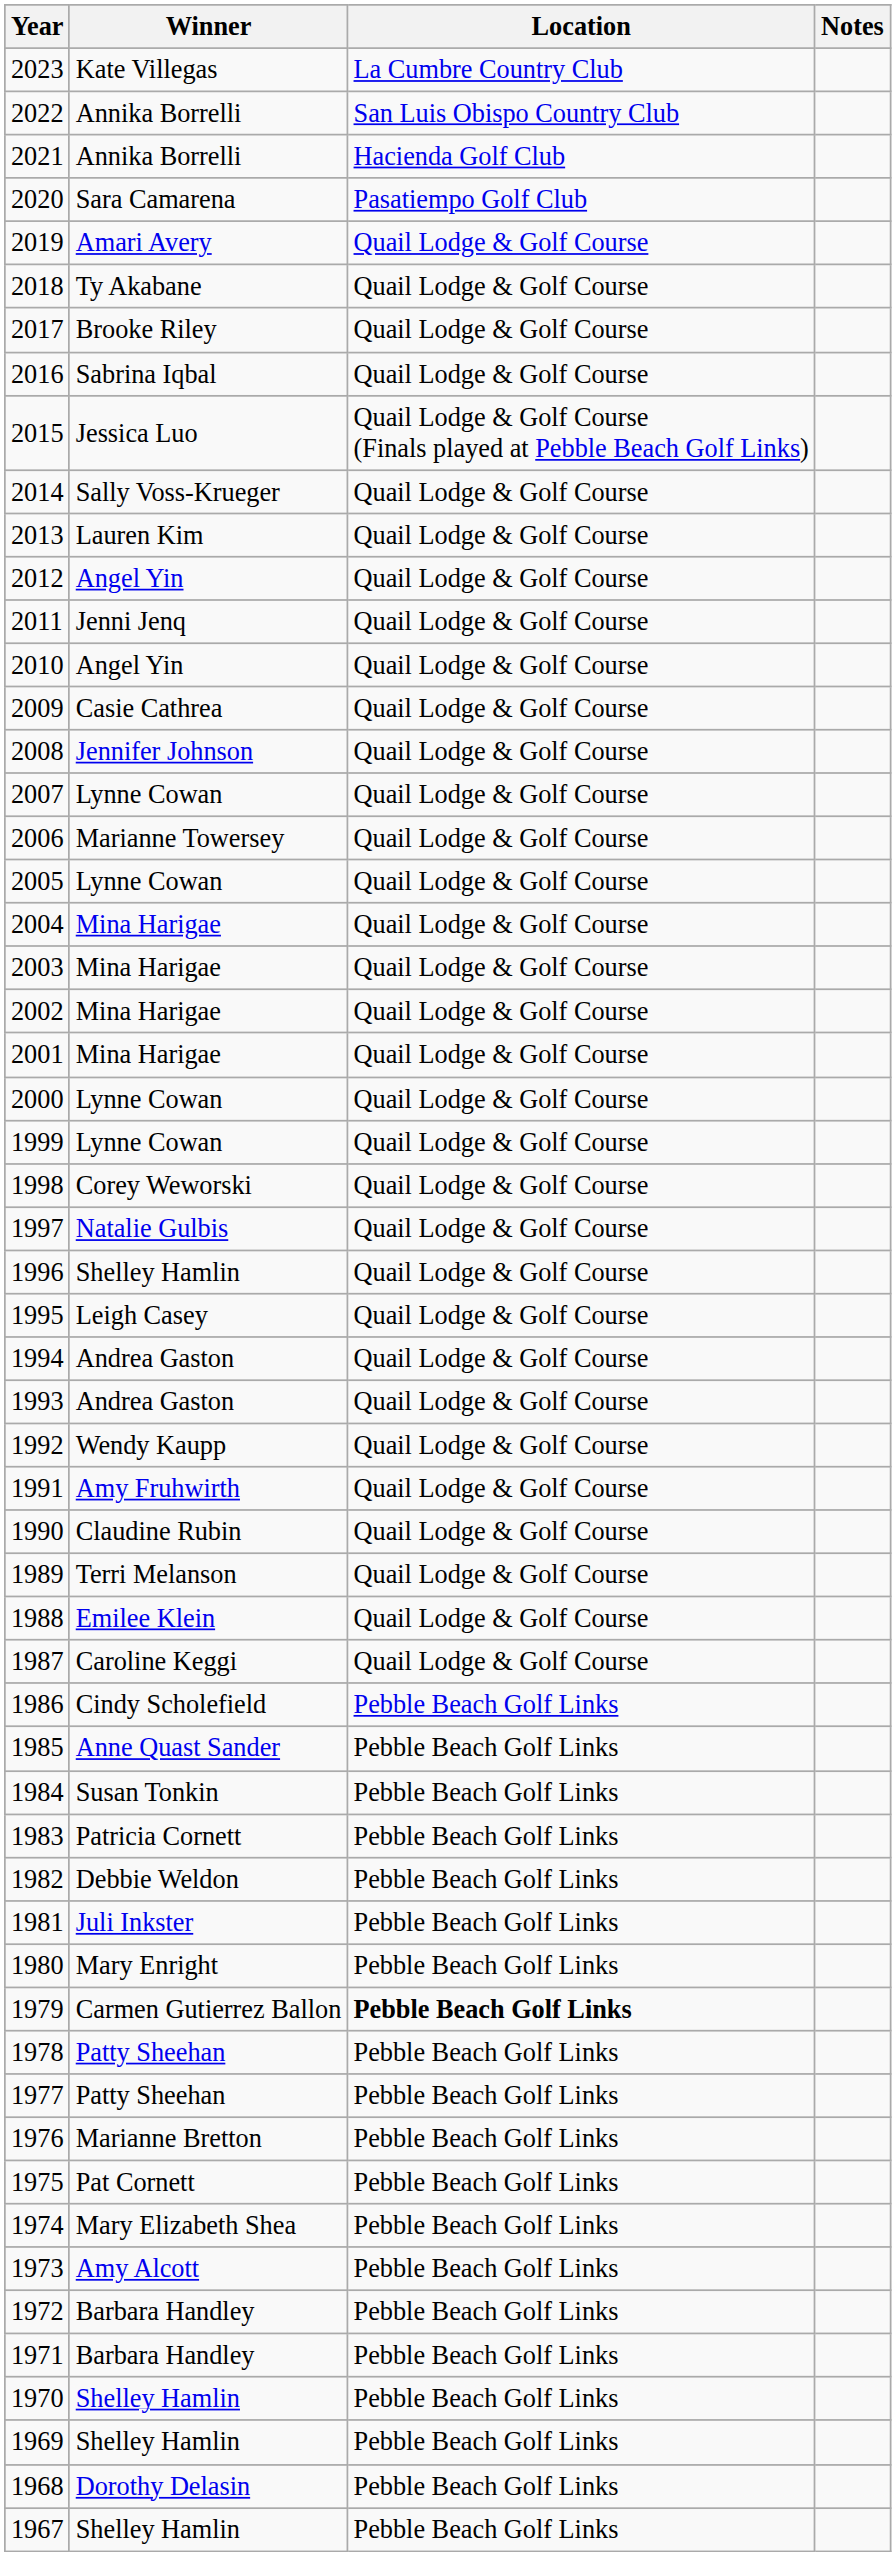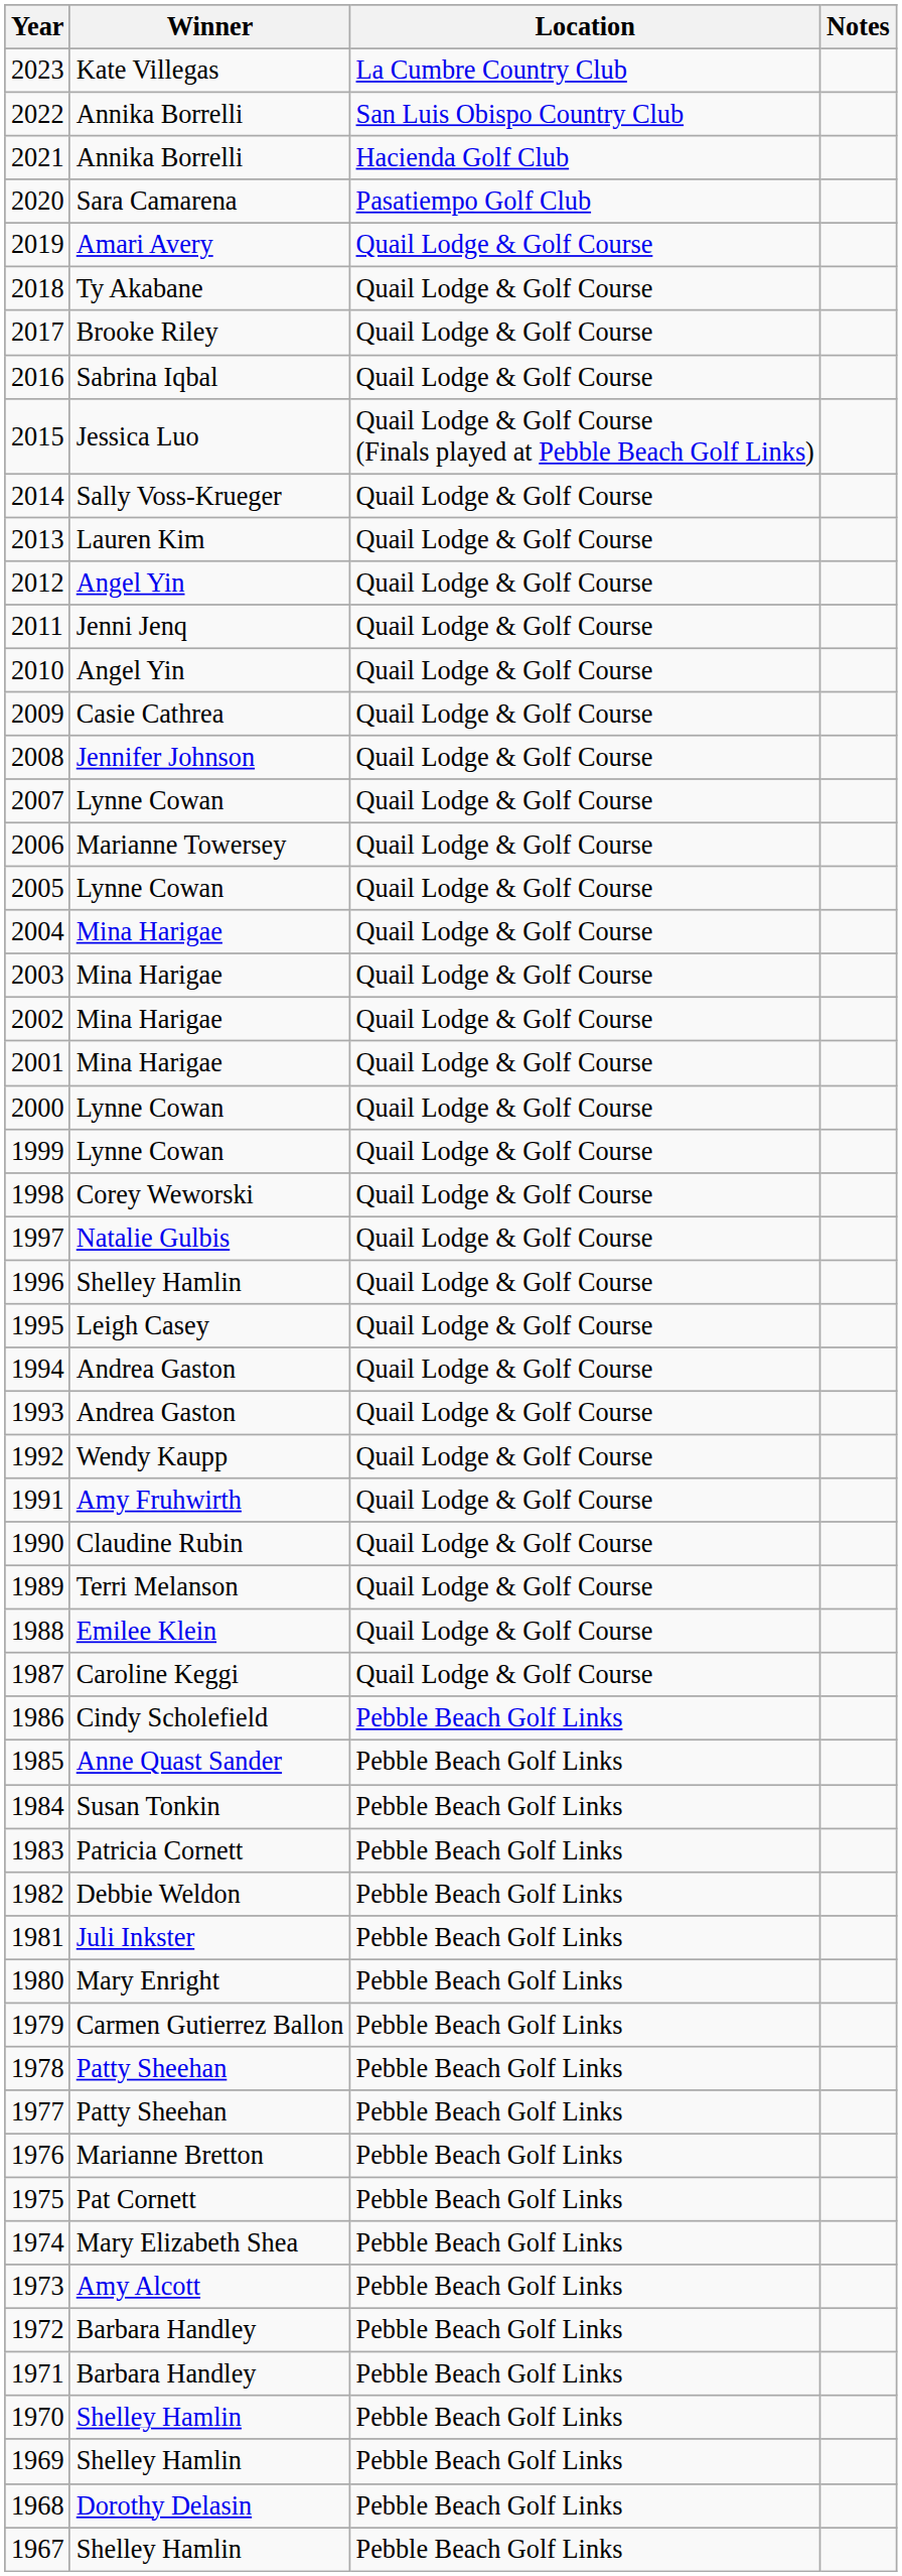 <table class=wikitable style="font-size: 95%;">
 <tr>
 <th>Year</th>
 <th>Winner</th>
 <th>Location</th>
 <th>Notes</th>
 </tr>
 <tr>
 <td>2023</td>
 <td>Kate Villegas</td>
 <td><a href='#'>La Cumbre Country Club</a></td>
 <td></td>
 </tr>
 <tr>
 <td>2022</td>
 <td>Annika Borrelli</td>
 <td><a href='#'>San Luis Obispo Country Club</a></td>
 <td></td>
 </tr>
 <tr>
 <td>2021</td>
 <td>Annika Borrelli</td>
 <td><a href='#'>Hacienda Golf Club</a></td>
 <td></td>
 </tr>
 <tr>
 <td>2020</td>
 <td>Sara Camarena</td>
 <td><a href='#'>Pasatiempo Golf Club</a></td>
 <td></td>
 </tr>
 <tr>
 <td>2019</td>
 <td><a href='#'>Amari Avery</a></td>
 <td><a href='#'>Quail Lodge & Golf Course</a></td>
 <td></td>
 </tr>
 <tr>
 <td>2018</td>
 <td>Ty Akabane</td>
 <td>Quail Lodge & Golf Course</td>
 <td></td>
 </tr>
 <tr>
 <td>2017</td>
 <td>Brooke Riley</td>
 <td>Quail Lodge & Golf Course</td>
 <td></td>
 </tr>
 <tr>
 <td>2016</td>
 <td>Sabrina Iqbal</td>
 <td>Quail Lodge & Golf Course</td>
 <td></td>
 </tr>
 <tr>
 <td>2015</td>
 <td>Jessica Luo</td>
 <td>Quail Lodge & Golf Course<br>(Finals played at <a href='#'>Pebble Beach Golf Links</a>)</td>
 <td></td>
 </tr>
 <tr>
 <td>2014</td>
 <td>Sally Voss-Krueger</td>
 <td>Quail Lodge & Golf Course</td>
 <td></td>
 </tr>
 <tr>
 <td>2013</td>
 <td>Lauren Kim</td>
 <td>Quail Lodge & Golf Course</td>
 <td></td>
 </tr>
 <tr>
 <td>2012</td>
 <td><a href='#'>Angel Yin</a></td>
 <td>Quail Lodge & Golf Course</td>
 <td></td>
 </tr>
 <tr>
 <td>2011</td>
 <td>Jenni Jenq</td>
 <td>Quail Lodge & Golf Course</td>
 <td></td>
 </tr>
 <tr>
 <td>2010</td>
 <td>Angel Yin</td>
 <td>Quail Lodge & Golf Course</td>
 <td></td>
 </tr>
 <tr>
 <td>2009</td>
 <td>Casie Cathrea</td>
 <td>Quail Lodge & Golf Course</td>
 <td></td>
 </tr>
 <tr>
 <td>2008</td>
 <td><a href='#'>Jennifer Johnson</a></td>
 <td>Quail Lodge & Golf Course</td>
 <td></td>
 </tr>
 <tr>
 <td>2007</td>
 <td>Lynne Cowan</td>
 <td>Quail Lodge & Golf Course</td>
 <td></td>
 </tr>
 <tr>
 <td>2006</td>
 <td>Marianne Towersey</td>
 <td>Quail Lodge & Golf Course</td>
 <td></td>
 </tr>
 <tr>
 <td>2005</td>
 <td>Lynne Cowan</td>
 <td>Quail Lodge & Golf Course</td>
 <td></td>
 </tr>
 <tr>
 <td>2004</td>
 <td><a href='#'>Mina Harigae</a></td>
 <td>Quail Lodge & Golf Course</td>
 <td></td>
 </tr>
 <tr>
 <td>2003</td>
 <td>Mina Harigae</td>
 <td>Quail Lodge & Golf Course</td>
 <td></td>
 </tr>
 <tr>
 <td>2002</td>
 <td>Mina Harigae</td>
 <td>Quail Lodge & Golf Course</td>
 <td></td>
 </tr>
 <tr>
 <td>2001</td>
 <td>Mina Harigae</td>
 <td>Quail Lodge & Golf Course</td>
 <td></td>
 </tr>
 <tr>
 <td>2000</td>
 <td>Lynne Cowan</td>
 <td>Quail Lodge & Golf Course</td>
 <td></td>
 </tr>
 <tr>
 <td>1999</td>
 <td>Lynne Cowan</td>
 <td>Quail Lodge & Golf Course</td>
 <td></td>
 </tr>
 <tr>
 <td>1998</td>
 <td>Corey Weworski</td>
 <td>Quail Lodge & Golf Course</td>
 <td></td>
 </tr>
 <tr>
 <td>1997</td>
 <td><a href='#'>Natalie Gulbis</a></td>
 <td>Quail Lodge & Golf Course</td>
 <td></td>
 </tr>
 <tr>
 <td>1996</td>
 <td>Shelley Hamlin</td>
 <td>Quail Lodge & Golf Course</td>
 <td></td>
 </tr>
 <tr>
 <td>1995</td>
 <td>Leigh Casey</td>
 <td>Quail Lodge & Golf Course</td>
 <td></td>
 </tr>
 <tr>
 <td>1994</td>
 <td>Andrea Gaston</td>
 <td>Quail Lodge & Golf Course</td>
 <td></td>
 </tr>
 <tr>
 <td>1993</td>
 <td>Andrea Gaston</td>
 <td>Quail Lodge & Golf Course</td>
 <td></td>
 </tr>
 <tr>
 <td>1992</td>
 <td>Wendy Kaupp</td>
 <td>Quail Lodge & Golf Course</td>
 <td></td>
 </tr>
 <tr>
 <td>1991</td>
 <td><a href='#'>Amy Fruhwirth</a></td>
 <td>Quail Lodge & Golf Course</td>
 <td></td>
 </tr>
 <tr>
 <td>1990</td>
 <td>Claudine Rubin</td>
 <td>Quail Lodge & Golf Course</td>
 <td></td>
 </tr>
 <tr>
 <td>1989</td>
 <td>Terri Melanson</td>
 <td>Quail Lodge & Golf Course</td>
 <td></td>
 </tr>
 <tr>
 <td>1988</td>
 <td><a href='#'>Emilee Klein</a></td>
 <td>Quail Lodge & Golf Course</td>
 <td></td>
 </tr>
 <tr>
 <td>1987</td>
 <td>Caroline Keggi</td>
 <td>Quail Lodge & Golf Course</td>
 <td></td>
 </tr>
 <tr>
 <td>1986</td>
 <td>Cindy Scholefield</td>
 <td><a href='#'>Pebble Beach Golf Links</a></td>
 <td></td>
 </tr>
 <tr>
 <td>1985</td>
 <td><a href='#'>Anne Quast Sander</a></td>
 <td>Pebble Beach Golf Links</td>
 <td></td>
 </tr>
 <tr>
 <td>1984</td>
 <td>Susan Tonkin</td>
 <td>Pebble Beach Golf Links</td>
 <td></td>
 </tr>
 <tr>
 <td>1983</td>
 <td>Patricia Cornett</td>
 <td>Pebble Beach Golf Links</td>
 <td></td>
 </tr>
 <tr>
 <td>1982</td>
 <td>Debbie Weldon</td>
 <td>Pebble Beach Golf Links</td>
 <td></td>
 </tr>
 <tr>
 <td>1981</td>
 <td><a href='#'>Juli Inkster</a></td>
 <td>Pebble Beach Golf Links</td>
 <td></td>
 </tr>
 <tr>
 <td>1980</td>
 <td>Mary Enright</td>
 <td>Pebble Beach Golf Links</td>
 <td></td>
 </tr>
 <tr>
 <td>1979</td>
 <td>Carmen Gutierrez Ballon</td>
-<td><strong>Pebble Beach Golf Links</strong></td>
+<td>Pebble Beach Golf Links</td>
 <td></td>
 </tr>
 <tr>
 <td>1978</td>
 <td><a href='#'>Patty Sheehan</a></td>
 <td>Pebble Beach Golf Links</td>
 <td></td>
 </tr>
 <tr>
 <td>1977</td>
 <td>Patty Sheehan</td>
 <td>Pebble Beach Golf Links</td>
 <td></td>
 </tr>
 <tr>
 <td>1976</td>
 <td>Marianne Bretton</td>
 <td>Pebble Beach Golf Links</td>
 <td></td>
 </tr>
 <tr>
 <td>1975</td>
 <td>Pat Cornett</td>
 <td>Pebble Beach Golf Links</td>
 <td></td>
 </tr>
 <tr>
 <td>1974</td>
 <td>Mary Elizabeth Shea</td>
 <td>Pebble Beach Golf Links</td>
 <td></td>
 </tr>
 <tr>
 <td>1973</td>
 <td><a href='#'>Amy Alcott</a></td>
 <td>Pebble Beach Golf Links</td>
 <td></td>
 </tr>
 <tr>
 <td>1972</td>
 <td>Barbara Handley</td>
 <td>Pebble Beach Golf Links</td>
 <td></td>
 </tr>
 <tr>
 <td>1971</td>
 <td>Barbara Handley</td>
 <td>Pebble Beach Golf Links</td>
 <td></td>
 </tr>
 <tr>
 <td>1970</td>
 <td><a href='#'>Shelley Hamlin</a></td>
 <td>Pebble Beach Golf Links</td>
 <td></td>
 </tr>
 <tr>
 <td>1969</td>
 <td>Shelley Hamlin</td>
 <td>Pebble Beach Golf Links</td>
 <td></td>
 </tr>
 <tr>
 <td>1968</td>
 <td><a href='#'>Dorothy Delasin</a></td>
 <td>Pebble Beach Golf Links</td>
 <td></td>
 </tr>
 <tr>
 <td>1967</td>
 <td>Shelley Hamlin</td>
 <td>Pebble Beach Golf Links</td>
 <td></td>
 </tr>
 </table>
